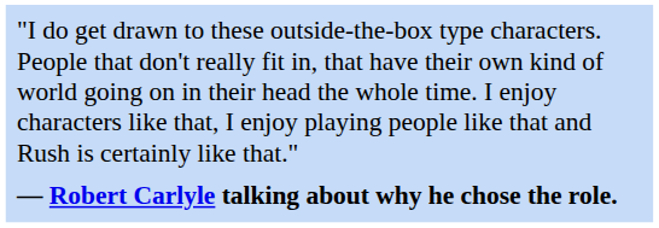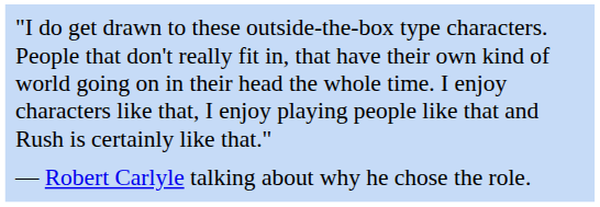 <table class="toccolours" style="float: right; margin-left: 1em; margin-right: 2em; font-size: 90%; background:#c6dbf7; color:black; width:25em; max-width: 40%;" cellspacing="5">
 <tr>
 <td style="text-align: left;">"I do get drawn to these outside-the-box type characters. People that don't really fit in, that have their own kind of world going on in their head the whole time. I enjoy characters like that, I enjoy playing people like that and Rush is certainly like that."</td>
 </tr>
 <tr>
-<td style="text-align: left;"><strong>— <a href='#'>Robert Carlyle</a> talking about why he chose the role.</strong></td>
+<td style="text-align: left;">— <a href='#'>Robert Carlyle</a> talking about why he chose the role.</td>
 </tr>
 </table>
